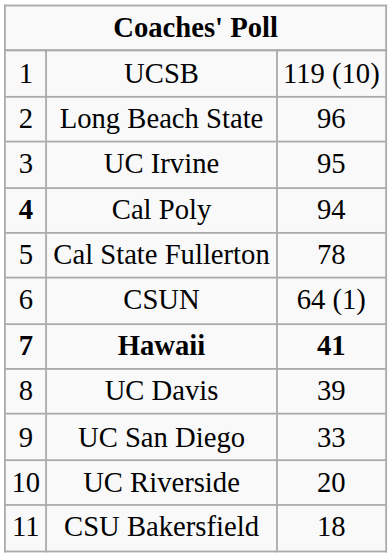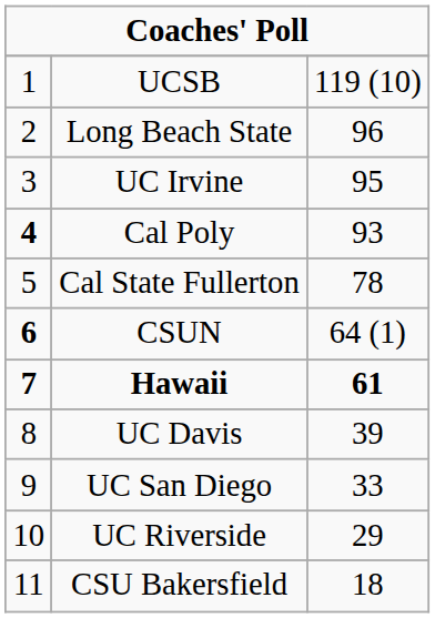 <table class="wikitable" style="display: inline-table;">
 <tr>
 <td align="center" Colspan="3"><strong>Coaches' Poll</strong></td>
 </tr>
 <tr align="center">
 </tr>
 <tr align="center">
 <td>1</td>
 <td>UCSB</td>
 <td>119 (10)</td>
 </tr>
 <tr align="center">
 <td>2</td>
 <td>Long Beach State</td>
 <td>96</td>
 </tr>
 <tr align="center">
 <td>3</td>
 <td>UC Irvine</td>
 <td>95</td>
 </tr>
 <tr align="center">
 <td><strong>4</strong></td>
 <td>Cal Poly</td>
-<td>94</td>
+<td>93</td>
 </tr>
 <tr align="center">
 <td>5</td>
 <td>Cal State Fullerton</td>
 <td>78</td>
 </tr>
 <tr align="center">
-<td>6</td>
+<td><strong>6</strong></td>
 <td>CSUN</td>
 <td>64 (1)</td>
 </tr>
 <tr align="center">
 <td><strong>7</strong></td>
 <td><strong>Hawaii</strong></td>
-<td><strong>41</strong></td>
+<td><strong>61</strong></td>
 </tr>
 <tr align="center">
 <td>8</td>
 <td>UC Davis</td>
 <td>39</td>
 </tr>
 <tr align="center">
 <td>9</td>
 <td>UC San Diego</td>
 <td>33</td>
 </tr>
 <tr align="center">
 <td>10</td>
 <td>UC Riverside</td>
-<td>20</td>
+<td>29</td>
 </tr>
 <tr align="center">
 <td>11</td>
 <td>CSU Bakersfield</td>
 <td>18</td>
 </tr>
 </table>
